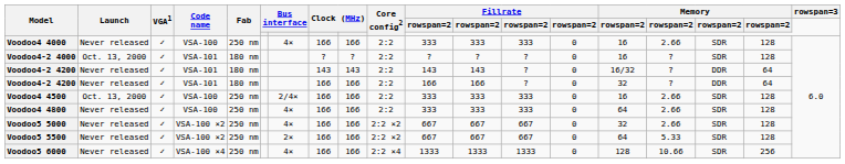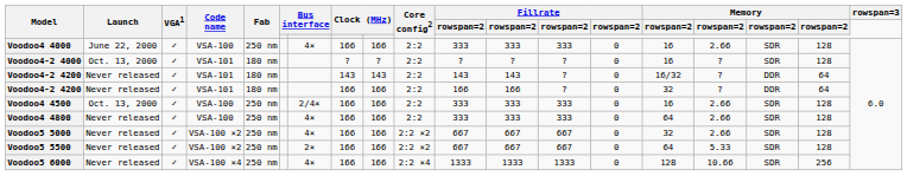 <table class="wikitable sortable" style="font-size: 85%; text-align: center">
 <tr>
 <th rowspan=3>Model</th>
 <th rowspan=3>Launch</th>
 <th rowspan=3>VGA<sup>1</sup></th>
 <th rowspan=3><a href='#'>Code<br>name</a></th>
 <th rowspan=3>Fab</th>
 <th rowspan=2 colspan=2><a href='#'>Bus</a><br><a href='#'>interface</a></th>
 <th rowspan=2 colspan=2>Clock (<a href='#'>MHz</a>)</th>
 <th rowspan=3>Core <br>config<sup>2</sup></th>
 <th colspan=4><a href='#'>Fillrate</a></th>
 <th colspan=4>Memory</th>
 <th>rowspan=3 </th>
 </tr>
 <tr>
 <th>rowspan=2 </th>
 <th>rowspan=2 </th>
 <th>rowspan=2 </th>
 <th>rowspan=2 </th>
 <th>rowspan=2 </th>
 <th>rowspan=2 </th>
 <th>rowspan=2 </th>
 <th>rowspan=2 </th>
 </tr>
 <tr>
 <th></th>
 <th></th>
 <th></th>
 <th></th>
 </tr>
 <tr>
 <th style="text-align:left">Voodoo4 4000</th>
-<td>Never released</td>
+<td>June 22, 2000</td>
 <td>✓</td>
 <td>VSA-100</td>
 <td>250 nm</td>
 <td></td>
 <td>4×</td>
 <td>166</td>
 <td>166</td>
 <td>2:2</td>
 <td>333</td>
 <td>333</td>
 <td>333</td>
 <td>0</td>
 <td>16</td>
 <td>2.66</td>
 <td>SDR</td>
 <td>128</td>
 <td rowspan=9>6.0</td>
 </tr>
 <tr>
 <th style="text-align:left">Voodoo4-2 4000</th>
 <td>Oct. 13, 2000</td>
 <td>✓</td>
 <td>VSA-101</td>
 <td>180 nm</td>
 <td></td>
 <td></td>
 <td>?</td>
 <td>?</td>
 <td>2:2</td>
 <td>?</td>
 <td>?</td>
 <td>?</td>
 <td>0</td>
 <td>16</td>
 <td>?</td>
 <td>SDR</td>
 <td>128</td>
 </tr>
 <tr>
 <th style="text-align:left">Voodoo4-2 4200</th>
 <td>Never released</td>
 <td>✓</td>
 <td>VSA-101</td>
 <td>180 nm</td>
 <td></td>
 <td></td>
 <td>143</td>
 <td>143</td>
 <td>2:2</td>
 <td>143</td>
 <td>143</td>
 <td>?</td>
 <td>0</td>
 <td>16/32</td>
 <td>?</td>
 <td>DDR</td>
 <td>64</td>
 </tr>
 <tr>
 <th style="text-align:left">Voodoo4-2 4200</th>
 <td>Never released</td>
 <td>✓</td>
 <td>VSA-101</td>
 <td>180 nm</td>
 <td></td>
 <td></td>
 <td>166</td>
 <td>166</td>
 <td>2:2</td>
 <td>166</td>
 <td>166</td>
 <td>?</td>
 <td>0</td>
 <td>32</td>
 <td>?</td>
 <td>DDR</td>
 <td>64</td>
 </tr>
 <tr>
 <th style="text-align:left">Voodoo4 4500</th>
 <td>Oct. 13, 2000</td>
 <td>✓</td>
 <td>VSA-100</td>
 <td>250 nm</td>
 <td></td>
 <td>2/4×</td>
 <td>166</td>
 <td>166</td>
 <td>2:2</td>
 <td>333</td>
 <td>333</td>
 <td>333</td>
 <td>0</td>
 <td>16</td>
 <td>2.66</td>
 <td>SDR</td>
 <td>128</td>
 </tr>
 <tr>
 <th style="text-align:left">Voodoo4 4800</th>
 <td>Never released</td>
 <td>✓</td>
 <td>VSA-100</td>
 <td>250 nm</td>
 <td></td>
 <td>4×</td>
 <td>166</td>
 <td>166</td>
 <td>2:2</td>
 <td>333</td>
 <td>333</td>
 <td>333</td>
 <td>0</td>
 <td>64</td>
 <td>2.66</td>
 <td>SDR</td>
 <td>128</td>
 </tr>
 <tr>
 <th style="text-align:left">Voodoo5 5000</th>
 <td>Never released</td>
 <td>✓</td>
 <td>VSA-100 ×2</td>
 <td>250 nm</td>
 <td></td>
 <td>4×</td>
 <td>166</td>
 <td>166</td>
 <td>2:2 ×2</td>
 <td>667</td>
 <td>667</td>
 <td>667</td>
 <td>0</td>
 <td>32</td>
 <td>2.66</td>
 <td>SDR</td>
 <td>128</td>
 </tr>
 <tr>
 <th style="text-align:left">Voodoo5 5500</th>
 <td>Never released</td>
 <td>✓</td>
 <td>VSA-100 ×2</td>
 <td>250 nm</td>
 <td></td>
 <td>2×</td>
 <td>166</td>
 <td>166</td>
 <td>2:2 ×2</td>
 <td>667</td>
 <td>667</td>
 <td>667</td>
 <td>0</td>
 <td>64</td>
 <td>5.33</td>
 <td>SDR</td>
 <td>128</td>
 </tr>
 <tr>
 <th style="text-align:left">Voodoo5 6000</th>
 <td>Never released</td>
 <td>✓</td>
 <td>VSA-100 ×4</td>
 <td>250 nm</td>
 <td></td>
 <td>4×</td>
 <td>166</td>
 <td>166</td>
 <td>2:2 ×4</td>
 <td>1333</td>
 <td>1333</td>
 <td>1333</td>
 <td>0</td>
 <td>128</td>
 <td>10.66</td>
 <td>SDR</td>
 <td>256</td>
 </tr>
 </table>
